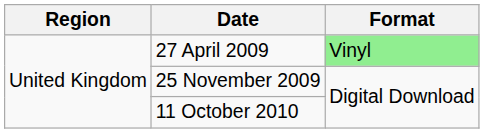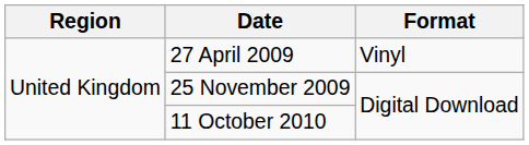 <table class=wikitable>
 <tr>
 <th>Region</th>
 <th>Date</th>
 <th>Format</th>
 </tr>
 <tr>
 <td style="text-align:center;" rowspan="3">United Kingdom</td>
 <td>27 April 2009</td>
-<td style="background: lightgreen;">Vinyl</td>
+<td>Vinyl</td>
 </tr>
 <tr>
 <td>25 November 2009</td>
 <td rowspan="2">Digital Download</td>
 </tr>
 <tr>
 <td>11 October 2010</td>
 </tr>
 </table>
